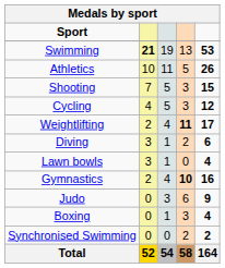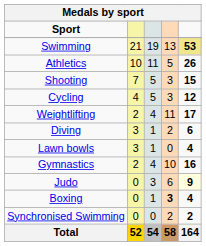 <table class="wikitable" style="font-size:85%; float:right">
 <tr style="background:#efefef;">
 <th colspan=7><strong>Medals by sport</strong></th>
 </tr>
 <tr align=center>
 <td><strong>Sport</strong></td>
 <td bgcolor=#f7f6a8></td>
 <td bgcolor=#dce5e5></td>
 <td bgcolor=#ffdab9></td>
 <td></td>
 </tr>
 <tr>
 </tr>
 <tr align=center>
 <td><a href='#'>Swimming</a></td>
-<td style="Background:#F7F6A8;"><strong>21</strong></td>
+<td style="Background:#F7F6A8;">21</td>
 <td style="background:#DCE5E5;">19</td>
 <td style="background:#FFDAB9;">13</td>
-<td><strong>53</strong></td>
+<td style="background: khaki;"><strong>53</strong></td>
 </tr>
 <tr align=center>
 <td><a href='#'>Athletics</a></td>
 <td style="Background:#F7F6A8;">10</td>
 <td style="background:#DCE5E5;">11</td>
 <td style="background:#FFDAB9;">5</td>
 <td><strong>26</strong></td>
 </tr>
 <tr align=center>
 <td><a href='#'>Shooting</a></td>
 <td style="Background:#F7F6A8;">7</td>
 <td style="background:#DCE5E5;">5</td>
 <td style="background:#FFDAB9;">3</td>
 <td><strong>15</strong></td>
 </tr>
 <tr align=center>
 <td><a href='#'>Cycling</a></td>
 <td style="Background:#F7F6A8;">4</td>
 <td style="background:#DCE5E5;">5</td>
 <td style="background:#FFDAB9;">3</td>
 <td><strong>12</strong></td>
 </tr>
 <tr align=center>
 <td><a href='#'>Weightlifting</a></td>
 <td style="Background:#F7F6A8;">2</td>
 <td style="background:#DCE5E5;">4</td>
-<td style="background:#FFDAB9;"><strong>11</strong></td>
+<td style="background:#FFDAB9;">11</td>
 <td><strong>17</strong></td>
 </tr>
 <tr align=center>
 <td><a href='#'>Diving</a></td>
 <td style="Background:#F7F6A8;">3</td>
 <td style="background:#DCE5E5;">1</td>
 <td style="background:#FFDAB9;">2</td>
 <td><strong>6</strong></td>
 </tr>
 <tr align=center>
 <td><a href='#'>Lawn bowls</a></td>
 <td style="Background:#F7F6A8;">3</td>
 <td style="background:#DCE5E5;">1</td>
 <td style="background:#FFDAB9;">0</td>
 <td><strong>4</strong></td>
 </tr>
 <tr align=center>
 <td><a href='#'>Gymnastics</a></td>
 <td style="Background:#F7F6A8;">2</td>
 <td style="background:#DCE5E5;">4</td>
-<td style="background:#FFDAB9;"><strong>10</strong></td>
+<td style="background:#FFDAB9;">10</td>
 <td><strong>16</strong></td>
 </tr>
 <tr align=center>
 <td><a href='#'>Judo</a></td>
 <td style="Background:#F7F6A8;">0</td>
 <td style="background:#DCE5E5;">3</td>
 <td style="background:#FFDAB9;">6</td>
-<td><strong>9</strong></td>
+<td style="background: lightyellow;"><strong>9</strong></td>
 </tr>
 <tr align=center>
 <td><a href='#'>Boxing</a></td>
 <td style="Background:#F7F6A8;">0</td>
 <td style="background:#DCE5E5;">1</td>
-<td style="background:#FFDAB9;">3</td>
+<td style="background:#FFDAB9;"><strong>3</strong></td>
 <td><strong>4</strong></td>
 </tr>
 <tr align=center>
 <td><a href='#'>Synchronised Swimming</a></td>
 <td style="Background:#F7F6A8;">0</td>
 <td style="background:#DCE5E5;">0</td>
 <td style="background:#FFDAB9;">2</td>
 <td><strong>2</strong></td>
 </tr>
 <tr align=center>
 <th>Total</th>
 <th style="background:gold;">52</th>
 <th style="background:silver;">54</th>
 <th style="background:#c96;">58</th>
 <th>164</th>
 </tr>
 </table>
